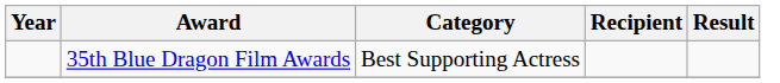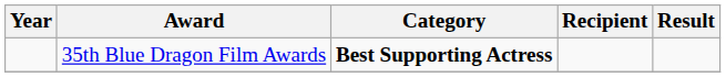 <table class="wikitable">
 <tr>
 <th>Year</th>
 <th>Award</th>
 <th>Category</th>
 <th>Recipient</th>
 <th>Result</th>
 </tr>
 <tr>
 <td></td>
 <td><a href='#'>35th Blue Dragon Film Awards</a></td>
-<td>Best Supporting Actress</td>
+<td><strong>Best Supporting Actress</strong></td>
 <td></td>
 <td></td>
 </tr>
 <tr>
 </tr>
 </table>
